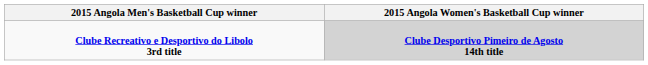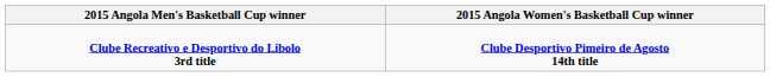 <table class=wikitable style="text-align:center; width: 1000px; margin:auto">
 <tr>
 <th width=600px>2015 Angola Men's Basketball Cup winner</th>
 <th width=600px>2015 Angola Women's Basketball Cup winner</th>
 </tr>
 <tr>
 <td><br><strong><a href='#'>Clube Recreativo e Desportivo do Libolo</a></strong><br><strong>3rd title</strong></td>
-<td style="background: lightgrey;"><br><strong><a href='#'>Clube Desportivo Pimeiro de Agosto</a></strong><br><strong>14th title</strong></td>
+<td><br><strong><a href='#'>Clube Desportivo Pimeiro de Agosto</a></strong><br><strong>14th title</strong></td>
 </tr>
 </table>
